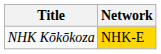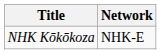 <table class="wikitable">
 <tr>
 <th>Title</th>
 <th>Network</th>
 </tr>
 <tr>
 <td><em>NHK Kōkōkoza</em></td>
-<td style="background: gold;">NHK-E</td>
+<td>NHK-E</td>
 </tr>
 </table>
